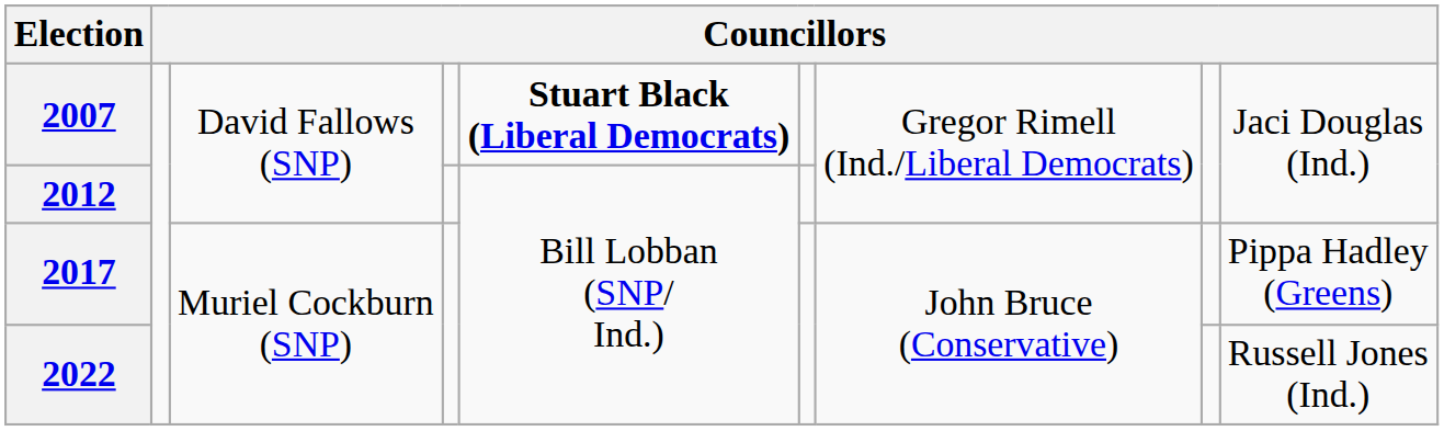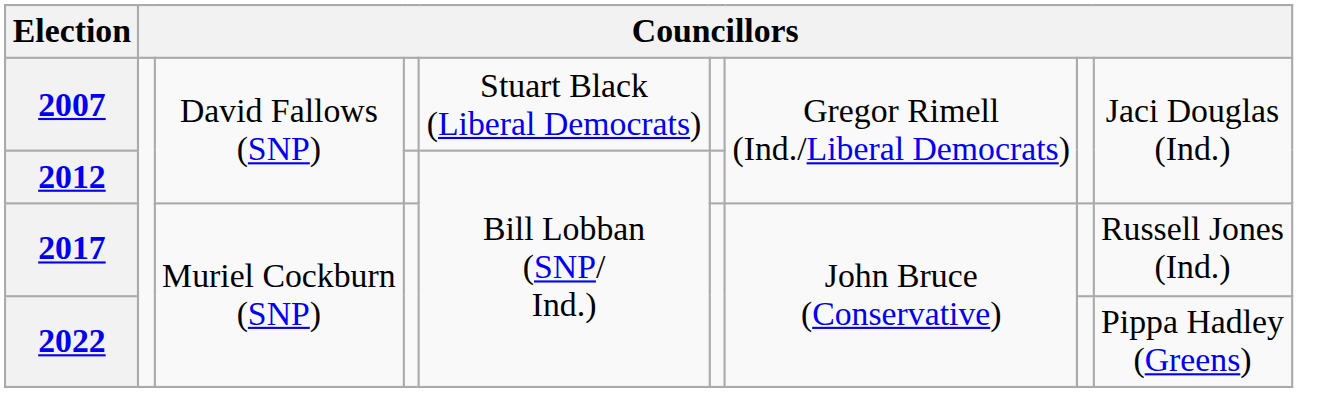 <table class="wikitable" style="text-align:center">
 <tr>
 <th>Election</th>
 <th colspan=8>Councillors</th>
 </tr>
 <tr>
 <th><a href='#'>2007</a></th>
 <td rowspan=4; style="background-color: "></td>
 <td rowspan=2>David Fallows<br>(<a href='#'>SNP</a>)</td>
 <td rowspan=1; style="background-color: "></td>
-<td rowspan=1><strong>Stuart Black<br>(<a href='#'>Liberal Democrats</a>)</strong></td>
+<td rowspan=1>Stuart Black<br>(<a href='#'>Liberal Democrats</a>)</td>
 <td rowspan=1; style="background-color: "></td>
 <td rowspan=2>Gregor Rimell<br>(Ind./<a href='#'>Liberal Democrats</a>)</td>
 <td rowspan=2; style="background-color: "></td>
 <td rowspan=2>Jaci Douglas<br>(Ind.)</td>
 </tr>
 <tr>
 <th><a href='#'>2012</a></th>
 <td rowspan=1; style="background-color: "></td>
 <td rowspan=3>Bill Lobban<br>(<a href='#'>SNP</a>/<br>Ind.)</td>
 <td rowspan=1; style="background-color: "></td>
 </tr>
 <tr>
 <th><a href='#'>2017</a></th>
 <td rowspan=2>Muriel Cockburn<br>(<a href='#'>SNP</a>)</td>
 <td rowspan=2; style="background-color: "></td>
 <td rowspan=2; style="background-color: "></td>
 <td rowspan=2>John Bruce<br>(<a href='#'>Conservative</a>)</td>
 <td rowspan=1; style="background-color: "></td>
-<td rowspan=1>Pippa Hadley<br>(<a href='#'>Greens</a>)</td>
+<td rowspan=1>Russell Jones<br>(Ind.)</td>
 </tr>
 <tr>
 <th><a href='#'>2022</a></th>
 <td rowspan=1; style="background-color: "></td>
-<td rowspan=1>Russell Jones<br>(Ind.)</td>
+<td rowspan=1>Pippa Hadley<br>(<a href='#'>Greens</a>)</td>
 </tr>
 </table>
